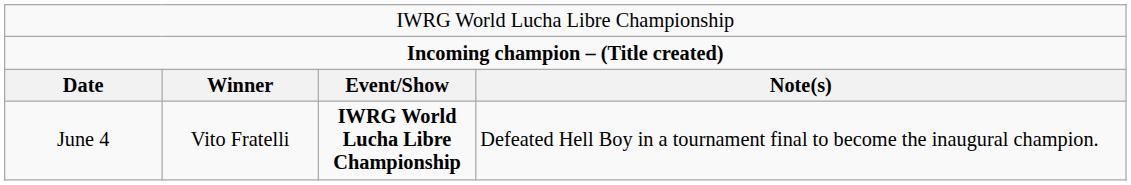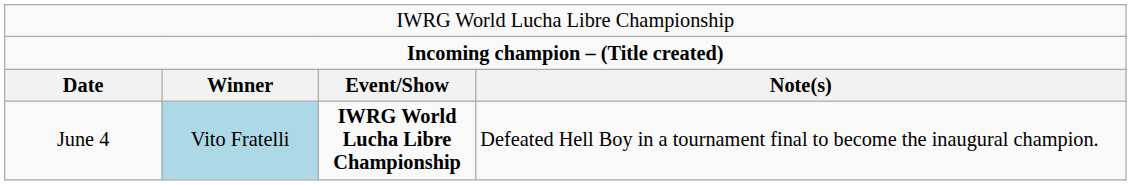 <table class="wikitable" style="text-align:center; width:100%;">
 <tr>
 <td colspan="5" style="text-align: center;">IWRG World Lucha Libre Championship</td>
 </tr>
 <tr>
 <td colspan="5" style="text-align: center;"><strong>Incoming champion – (Title created)</strong></td>
 </tr>
 <tr>
 <th width=14%>Date</th>
 <th width=14%>Winner</th>
 <th width=14%>Event/Show</th>
 <th width=58%>Note(s)</th>
 </tr>
 <tr>
 <td>June 4</td>
-<td>Vito Fratelli</td>
+<td style="background: lightblue;">Vito Fratelli</td>
 <td><strong>IWRG World Lucha Libre Championship</strong></td>
 <td align=left>Defeated Hell Boy in a tournament final to become the inaugural champion.</td>
 </tr>
 </table>
